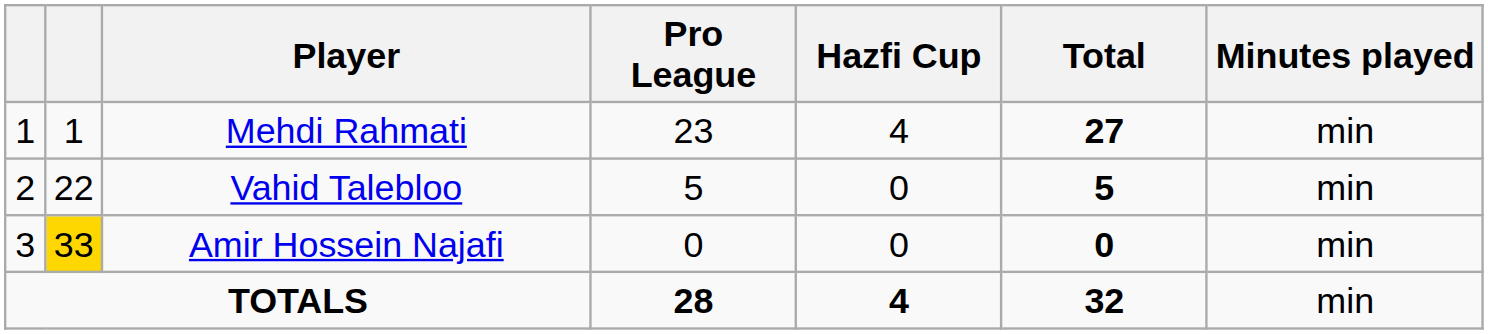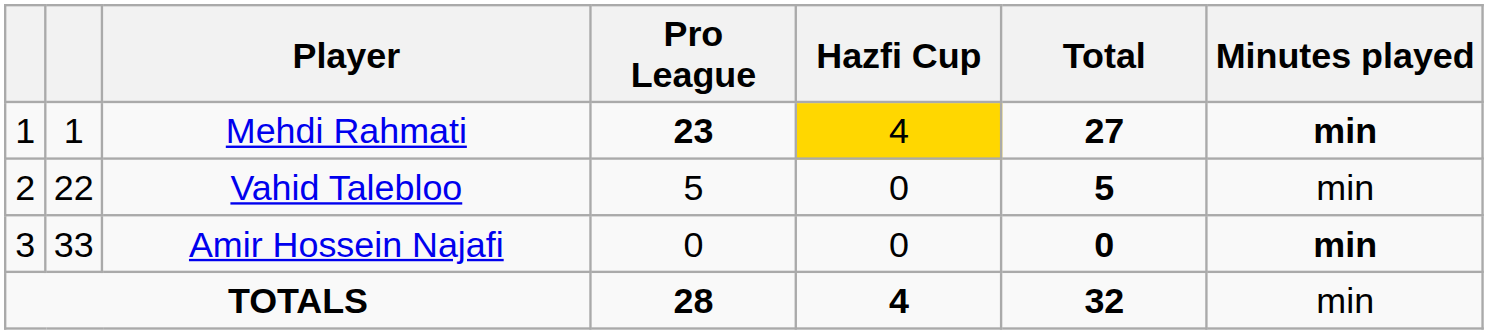 <table class="wikitable sortable" style="font-size: 95%; text-align: center;">
 <tr>
 <th width=10></th>
 <th width=10></th>
 <th width=200>Player</th>
 <th width=80>Pro League</th>
 <th width=80>Hazfi Cup</th>
 <th width=80>Total</th>
 <th width=110>Minutes played</th>
 </tr>
 <tr>
 <td>1</td>
 <td>1</td>
 <td> <a href='#'>Mehdi Rahmati</a></td>
-<td>23 </td>
-<td>4 </td>
+<td><strong>23 </strong></td>
+<td style="background: gold;">4 </td>
 <td><strong>27</strong> </td>
-<td> min </td>
+<td><strong> min </strong></td>
 </tr>
 <tr>
 <td>2</td>
 <td>22</td>
 <td> <a href='#'>Vahid Talebloo</a></td>
 <td>5 </td>
 <td>0 </td>
 <td><strong>5</strong> </td>
 <td> min </td>
 </tr>
 <tr>
 <td>3</td>
-<td style="background: gold;">33</td>
+<td>33</td>
 <td> <a href='#'>Amir Hossein Najafi</a></td>
 <td>0 </td>
 <td>0 </td>
 <td><strong>0</strong> </td>
-<td> min </td>
+<td><strong> min </strong></td>
 </tr>
 <tr>
 <td colspan="3"><strong>TOTALS</strong></td>
 <td><strong>28</strong> </td>
 <td><strong>4</strong> </td>
 <td><strong>32</strong> </td>
 <td> min </td>
 </tr>
 </table>
